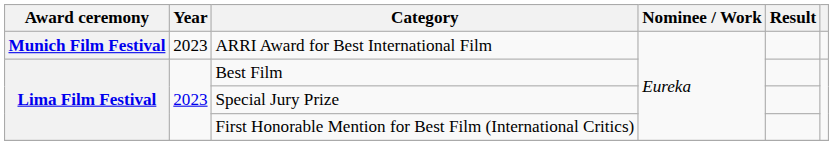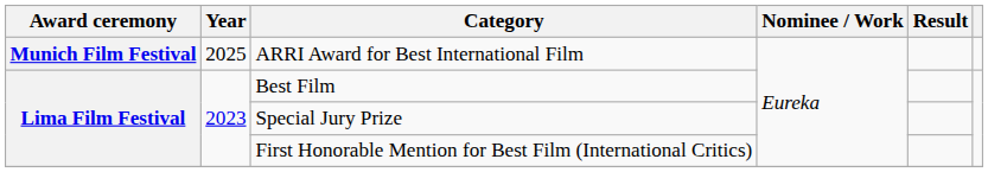 <table class="wikitable plainrowheaders sortable">
 <tr>
 <th scope="col">Award ceremony</th>
 <th scope="col">Year</th>
 <th scope="col">Category</th>
 <th scope="col">Nominee / Work</th>
 <th scope="col">Result</th>
 <th scope="col" class="unsortable"></th>
 </tr>
 <tr>
 <th rowspan="1" scope="row"><a href='#'>Munich Film Festival</a></th>
-<td rowspan="1" style="text-align:center">2023</td>
+<td rowspan="1" style="text-align:center">2025</td>
 <td>ARRI Award for Best International Film</td>
 <td rowspan="4"><em>Eureka</em></td>
 <td></td>
 <td rowspan="1" style="text-align:center"></td>
 </tr>
 <tr>
 <th rowspan="3" scope="row"><a href='#'>Lima Film Festival</a></th>
 <td rowspan="3" style="text-align:center"><a href='#'>2023</a></td>
 <td>Best Film</td>
 <td></td>
 <td rowspan="3" style="text-align:center"></td>
 </tr>
 <tr>
 <td>Special Jury Prize</td>
 <td></td>
 </tr>
 <tr>
 <td>First Honorable Mention for Best Film (International Critics)</td>
 <td></td>
 </tr>
 <tr>
 </tr>
 </table>
